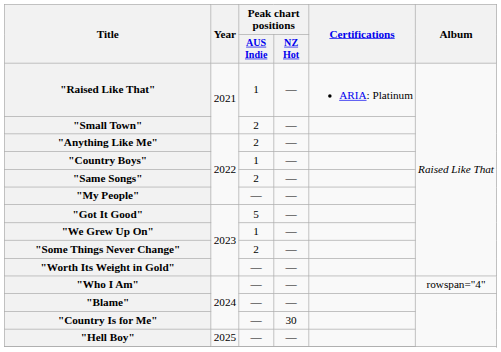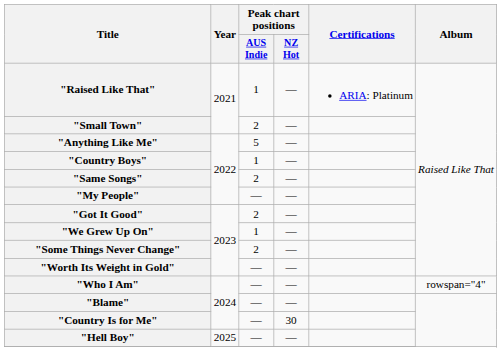 <table class="wikitable plainrowheaders" style="text-align:center;">
 <tr>
 <th scope="col" rowspan="2" style="width:18em;">Title</th>
 <th scope="col" rowspan="2" style="width:1em;">Year</th>
 <th scope="col" colspan="2">Peak chart positions</th>
 <th scope="col" rowspan="2"><a href='#'>Certifications</a></th>
 <th scope="col" rowspan="2">Album</th>
 </tr>
 <tr>
 <th scope="col" style="width:3em;font-size:90%;"><a href='#'>AUS <br>Indie</a><br></th>
 <th scope="col" style="width:3em;font-size:90%;"><a href='#'>NZ<br>Hot</a><br></th>
 </tr>
 <tr>
 <th scope="row">"Raised Like That"</th>
 <td rowspan="2">2021</td>
 <td>1</td>
 <td>—</td>
 <td><br><ul><li><a href='#'>ARIA</a>: Platinum</li></ul></td>
 <td rowspan="10"><em>Raised Like That</em></td>
 </tr>
 <tr>
 <th scope="row">"Small Town"</th>
 <td>2</td>
 <td>—</td>
 <td></td>
 </tr>
 <tr>
 <th scope="row">"Anything Like Me"</th>
 <td rowspan="4">2022</td>
-<td>2</td>
+<td>5</td>
 <td>—</td>
 <td></td>
 </tr>
 <tr>
 <th scope="row">"Country Boys"</th>
 <td>1</td>
 <td>—</td>
 <td></td>
 </tr>
 <tr>
 <th scope="row">"Same Songs"<br></th>
 <td>2</td>
 <td>—</td>
 <td></td>
 </tr>
 <tr>
 <th scope="row">"My People"</th>
 <td>—</td>
 <td>—</td>
 <td></td>
 </tr>
 <tr>
 <th scope="row">"Got It Good"</th>
 <td rowspan="4">2023</td>
-<td>5</td>
+<td>2</td>
 <td>—</td>
 <td></td>
 </tr>
 <tr>
 <th scope="row">"We Grew Up On"</th>
 <td>1</td>
 <td>—</td>
 <td></td>
 </tr>
 <tr>
 <th scope="row">"Some Things Never Change"<br></th>
 <td>2</td>
 <td>—</td>
 <td></td>
 </tr>
 <tr>
 <th scope="row">"Worth Its Weight in Gold"</th>
 <td>—</td>
 <td>—</td>
 <td></td>
 </tr>
 <tr>
 <th scope="row">"Who I Am"<br></th>
 <td rowspan="3">2024</td>
 <td>—</td>
 <td>—</td>
 <td></td>
 <td>rowspan="4" </td>
 </tr>
 <tr>
 <th scope="row">"Blame"</th>
 <td>—</td>
 <td>—</td>
 <td></td>
 </tr>
 <tr>
 <th scope="row">"Country Is for Me"<br></th>
 <td>—</td>
 <td>30</td>
 <td></td>
 </tr>
 <tr>
 <th scope="row">"Hell Boy"</th>
 <td>2025</td>
 <td>—</td>
 <td>—</td>
 <td></td>
 </tr>
 <tr>
 </tr>
 </table>
